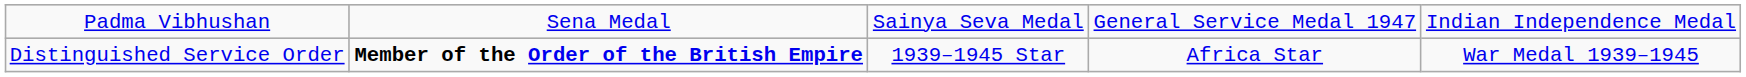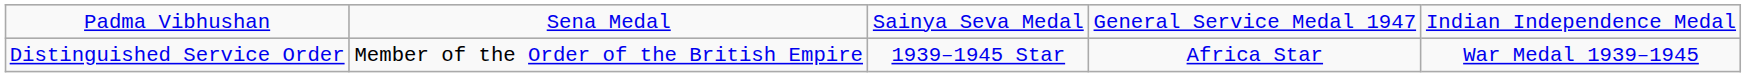 <table class="wikitable" style="margin:1em auto; text-align:center;">
 <tr>
 <td><a href='#'>Padma Vibhushan</a></td>
 <td><a href='#'>Sena Medal</a></td>
 <td><a href='#'>Sainya Seva Medal</a></td>
 <td><a href='#'>General Service Medal 1947</a></td>
 <td><a href='#'>Indian Independence Medal</a></td>
 </tr>
 <tr>
 <td><a href='#'>Distinguished Service Order</a></td>
-<td><strong>Member of the <a href='#'>Order of the British Empire</a></strong></td>
+<td>Member of the <a href='#'>Order of the British Empire</a></td>
 <td><a href='#'>1939–1945 Star</a></td>
 <td><a href='#'>Africa Star</a></td>
 <td><a href='#'>War Medal 1939–1945</a></td>
 </tr>
 </table>
